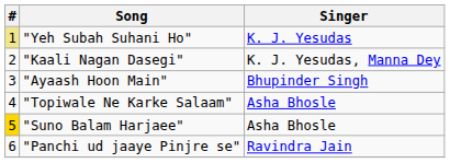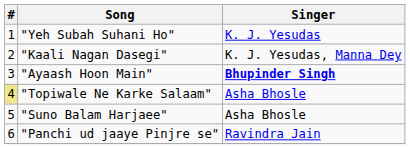 <table class="wikitable">
 <tr>
 <th>#</th>
 <th>Song</th>
 <th>Singer</th>
 </tr>
 <tr>
-<td style="background: khaki;">1</td>
+<td>1</td>
 <td>"Yeh Subah Suhani Ho"</td>
 <td><a href='#'>K. J. Yesudas</a></td>
 </tr>
 <tr>
 <td>2</td>
 <td>"Kaali Nagan Dasegi"</td>
 <td>K. J. Yesudas, <a href='#'>Manna Dey</a></td>
 </tr>
 <tr>
 <td>3</td>
 <td>"Ayaash Hoon Main"</td>
-<td><a href='#'>Bhupinder Singh</a></td>
+<td><strong><a href='#'>Bhupinder Singh</a></strong></td>
 </tr>
 <tr>
-<td>4</td>
+<td style="background: khaki;">4</td>
 <td>"Topiwale Ne Karke Salaam"</td>
 <td><a href='#'>Asha Bhosle</a></td>
 </tr>
 <tr>
-<td style="background: gold;">5</td>
+<td>5</td>
 <td>"Suno Balam Harjaee"</td>
 <td>Asha Bhosle</td>
 </tr>
 <tr>
 <td>6</td>
 <td>"Panchi ud jaaye Pinjre se"</td>
 <td><a href='#'>Ravindra Jain</a></td>
 </tr>
 <tr>
 </tr>
 </table>
